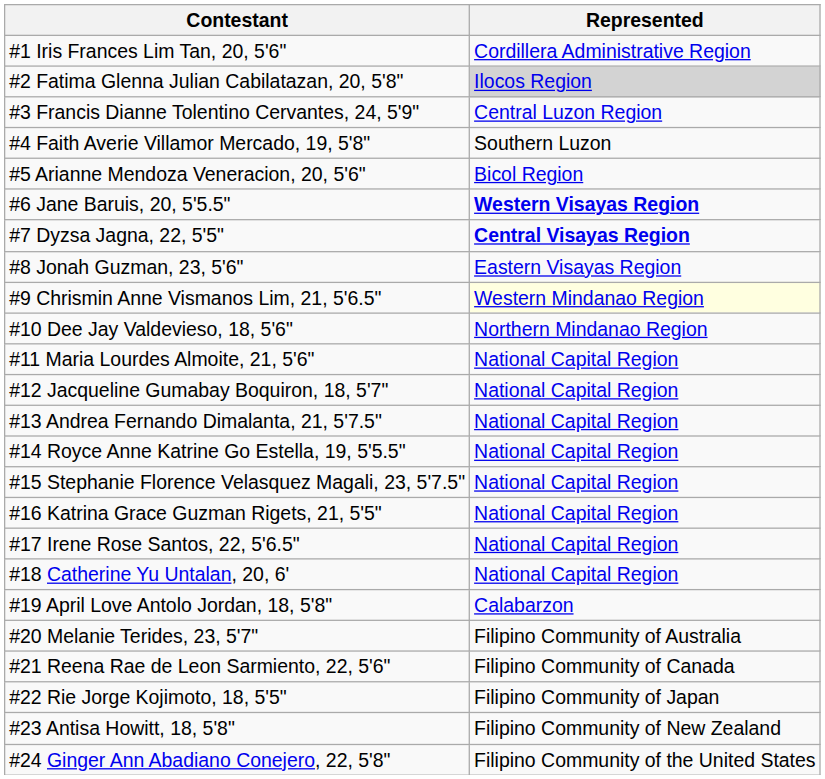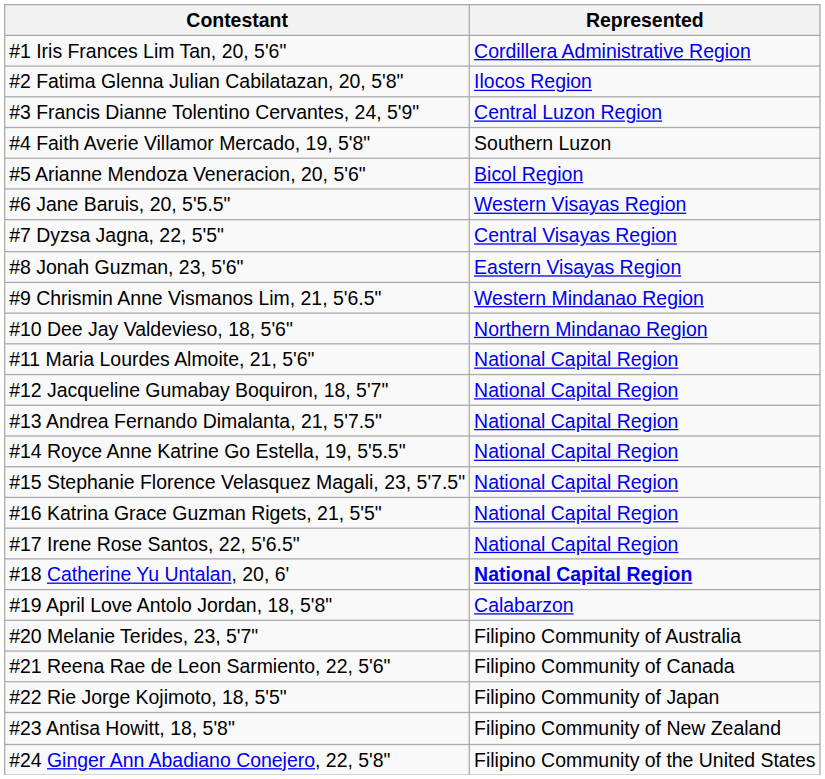 <table class="wikitable sortable" style="font-size:95%;">
 <tr>
 <th>Contestant</th>
 <th>Represented</th>
 </tr>
 <tr>
 <td>#1 Iris Frances Lim Tan, 20, 5'6"</td>
 <td><a href='#'>Cordillera Administrative Region</a></td>
 </tr>
 <tr>
 <td>#2 Fatima Glenna Julian Cabilatazan, 20, 5'8"</td>
-<td style="background: lightgrey;"><a href='#'>Ilocos Region</a></td>
+<td><a href='#'>Ilocos Region</a></td>
 </tr>
 <tr>
 <td>#3 Francis Dianne Tolentino Cervantes, 24, 5'9"</td>
 <td><a href='#'>Central Luzon Region</a></td>
 </tr>
 <tr>
 <td>#4 Faith Averie Villamor Mercado, 19, 5'8"</td>
 <td>Southern Luzon</td>
 </tr>
 <tr>
 <td>#5 Arianne Mendoza Veneracion, 20, 5'6"</td>
 <td><a href='#'>Bicol Region</a></td>
 </tr>
 <tr>
 <td>#6 Jane Baruis, 20, 5'5.5"</td>
-<td><strong><a href='#'>Western Visayas Region</a></strong></td>
+<td><a href='#'>Western Visayas Region</a></td>
 </tr>
 <tr>
 <td>#7 Dyzsa Jagna, 22, 5'5"</td>
-<td><strong><a href='#'>Central Visayas Region</a></strong></td>
+<td><a href='#'>Central Visayas Region</a></td>
 </tr>
 <tr>
 <td>#8 Jonah Guzman, 23, 5'6"</td>
 <td><a href='#'>Eastern Visayas Region</a></td>
 </tr>
 <tr>
 <td>#9 Chrismin Anne Vismanos Lim, 21, 5'6.5"</td>
-<td style="background: lightyellow;"><a href='#'>Western Mindanao Region</a></td>
+<td><a href='#'>Western Mindanao Region</a></td>
 </tr>
 <tr>
 <td>#10 Dee Jay Valdevieso, 18, 5'6"</td>
 <td><a href='#'>Northern Mindanao Region</a></td>
 </tr>
 <tr>
 <td>#11 Maria Lourdes Almoite, 21, 5'6"</td>
 <td><a href='#'>National Capital Region</a></td>
 </tr>
 <tr>
 <td>#12 Jacqueline Gumabay Boquiron, 18, 5'7"</td>
 <td><a href='#'>National Capital Region</a></td>
 </tr>
 <tr>
 <td>#13 Andrea Fernando Dimalanta, 21, 5'7.5"</td>
 <td><a href='#'>National Capital Region</a></td>
 </tr>
 <tr>
 <td>#14 Royce Anne Katrine Go Estella, 19, 5'5.5"</td>
 <td><a href='#'>National Capital Region</a></td>
 </tr>
 <tr>
 <td>#15 Stephanie Florence Velasquez Magali, 23, 5'7.5"</td>
 <td><a href='#'>National Capital Region</a></td>
 </tr>
 <tr>
 <td>#16 Katrina Grace Guzman Rigets, 21, 5'5"</td>
 <td><a href='#'>National Capital Region</a></td>
 </tr>
 <tr>
 <td>#17 Irene Rose Santos, 22, 5'6.5"</td>
 <td><a href='#'>National Capital Region</a></td>
 </tr>
 <tr>
 <td>#18 <a href='#'>Catherine Yu Untalan</a>, 20, 6'</td>
-<td><a href='#'>National Capital Region</a></td>
+<td><strong><a href='#'>National Capital Region</a></strong></td>
 </tr>
 <tr>
 <td>#19 April Love Antolo Jordan, 18, 5'8"</td>
 <td><a href='#'>Calabarzon</a></td>
 </tr>
 <tr>
 <td>#20 Melanie Terides, 23, 5'7"</td>
 <td>Filipino Community of Australia</td>
 </tr>
 <tr>
 <td>#21 Reena Rae de Leon Sarmiento, 22, 5'6"</td>
 <td>Filipino Community of Canada</td>
 </tr>
 <tr>
 <td>#22 Rie Jorge Kojimoto, 18, 5'5"</td>
 <td>Filipino Community of Japan</td>
 </tr>
 <tr>
 <td>#23 Antisa Howitt, 18, 5'8"</td>
 <td>Filipino Community of New Zealand</td>
 </tr>
 <tr>
 <td>#24 <a href='#'>Ginger Ann Abadiano Conejero</a>, 22, 5'8"</td>
 <td>Filipino Community of the United States</td>
 </tr>
 </table>
